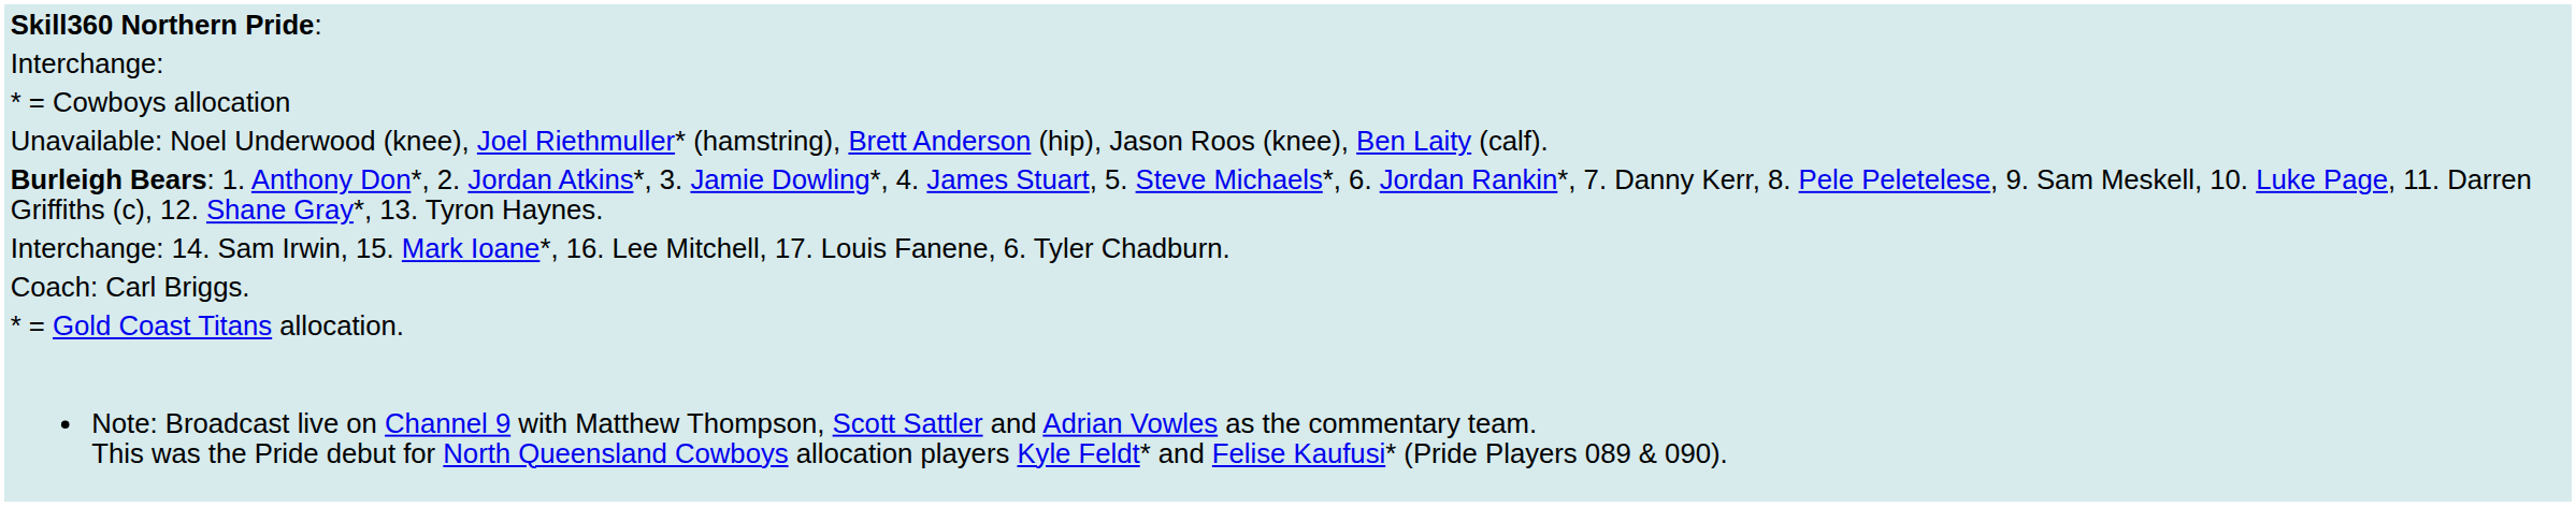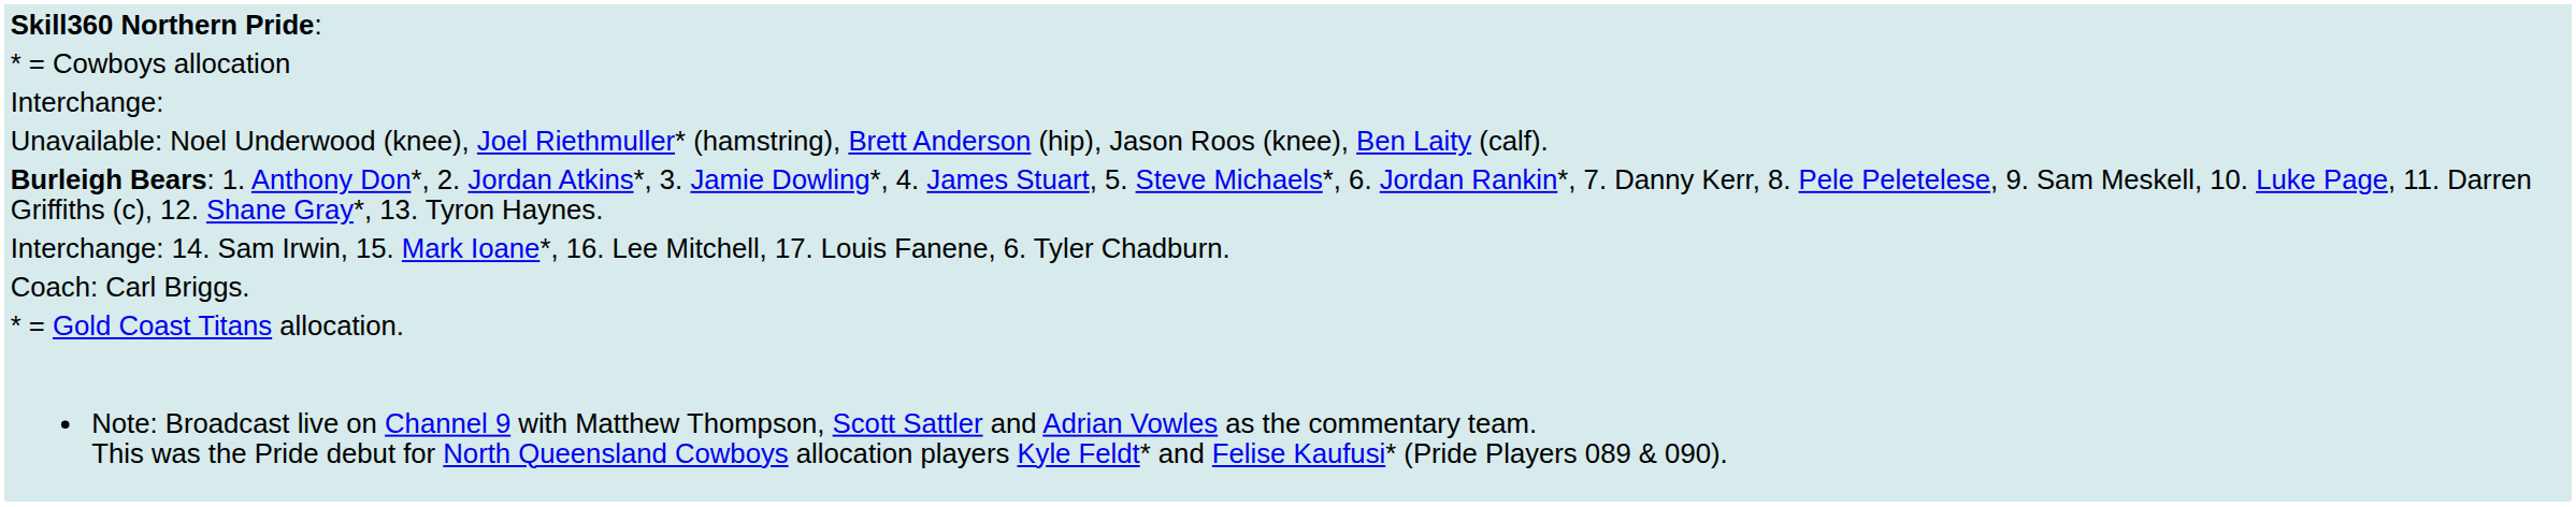 <table style="background:#d7ebed; font-size:85%; width:100%;">
 <tr>
 <td><strong>Skill360 Northern Pride</strong>:             </td>
 </tr>
 <tr>
-<td>Interchange:    </td>
+<td>* = Cowboys allocation</td>
 </tr>
 <tr>
-<td>* = Cowboys allocation</td>
+<td>Interchange:    </td>
 </tr>
 <tr>
 <td>Unavailable: Noel Underwood (knee), <a href='#'>Joel Riethmuller</a>* (hamstring), <a href='#'>Brett Anderson</a> (hip), Jason Roos (knee), <a href='#'>Ben Laity</a> (calf).</td>
 </tr>
 <tr>
 <td><strong>Burleigh Bears</strong>: 1. <a href='#'>Anthony Don</a>*, 2. <a href='#'>Jordan Atkins</a>*, 3. <a href='#'>Jamie Dowling</a>*, 4. <a href='#'>James Stuart</a>, 5. <a href='#'>Steve Michaels</a>*, 6. <a href='#'>Jordan Rankin</a>*, 7. Danny Kerr, 8. <a href='#'>Pele Peletelese</a>, 9. Sam Meskell, 10. <a href='#'>Luke Page</a>, 11. Darren Griffiths (c), 12. <a href='#'>Shane Gray</a>*, 13. Tyron Haynes.</td>
 </tr>
 <tr>
 <td>Interchange: 14. Sam Irwin, 15. <a href='#'>Mark Ioane</a>*, 16. Lee Mitchell, 17. Louis Fanene, 6. Tyler Chadburn.</td>
 </tr>
 <tr>
 <td>Coach: Carl Briggs.</td>
 </tr>
 <tr>
 <td>* = <a href='#'>Gold Coast Titans</a> allocation.</td>
 </tr>
 <tr>
 <td><br><ul><li>Note: Broadcast live on <a href='#'>Channel 9</a> with Matthew Thompson, <a href='#'>Scott Sattler</a> and <a href='#'>Adrian Vowles</a> as the commentary team.<br>This was the Pride debut for <a href='#'>North Queensland Cowboys</a> allocation players <a href='#'>Kyle Feldt</a>* and <a href='#'>Felise Kaufusi</a>* (Pride Players 089 & 090).</li></ul></td>
 </tr>
 </table>
